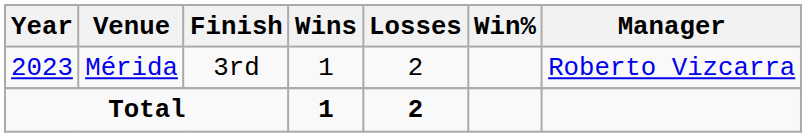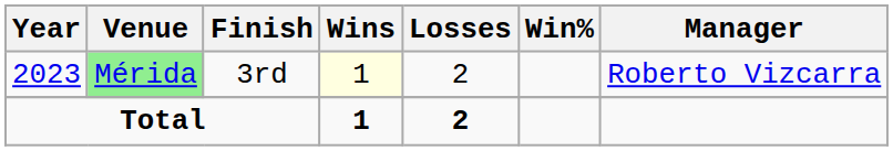 <table class="wikitable sortable plainrowheaders" style="text-align:center;">
 <tr>
 <th scope="col">Year</th>
 <th scope="col">Venue</th>
 <th scope="col">Finish</th>
 <th scope="col">Wins</th>
 <th scope="col">Losses</th>
 <th scope="col">Win%</th>
 <th scope="col">Manager</th>
 </tr>
 <tr>
 <td><a href='#'>2023</a></td>
-<td align=left> <a href='#'>Mérida</a></td>
+<td align=left style="background: lightgreen;"> <a href='#'>Mérida</a></td>
 <td>3rd</td>
-<td>1</td>
+<td style="background: lightyellow;">1</td>
 <td>2</td>
 <td></td>
 <td align=left> <a href='#'>Roberto Vizcarra</a></td>
 </tr>
 <tr>
 </tr>
 <tr style="text-align:center; ">
 <td colspan="3"><strong>Total</strong></td>
 <td><strong>1</strong></td>
 <td><strong>2</strong></td>
 <td><strong></strong></td>
 <td></td>
 </tr>
 </table>
